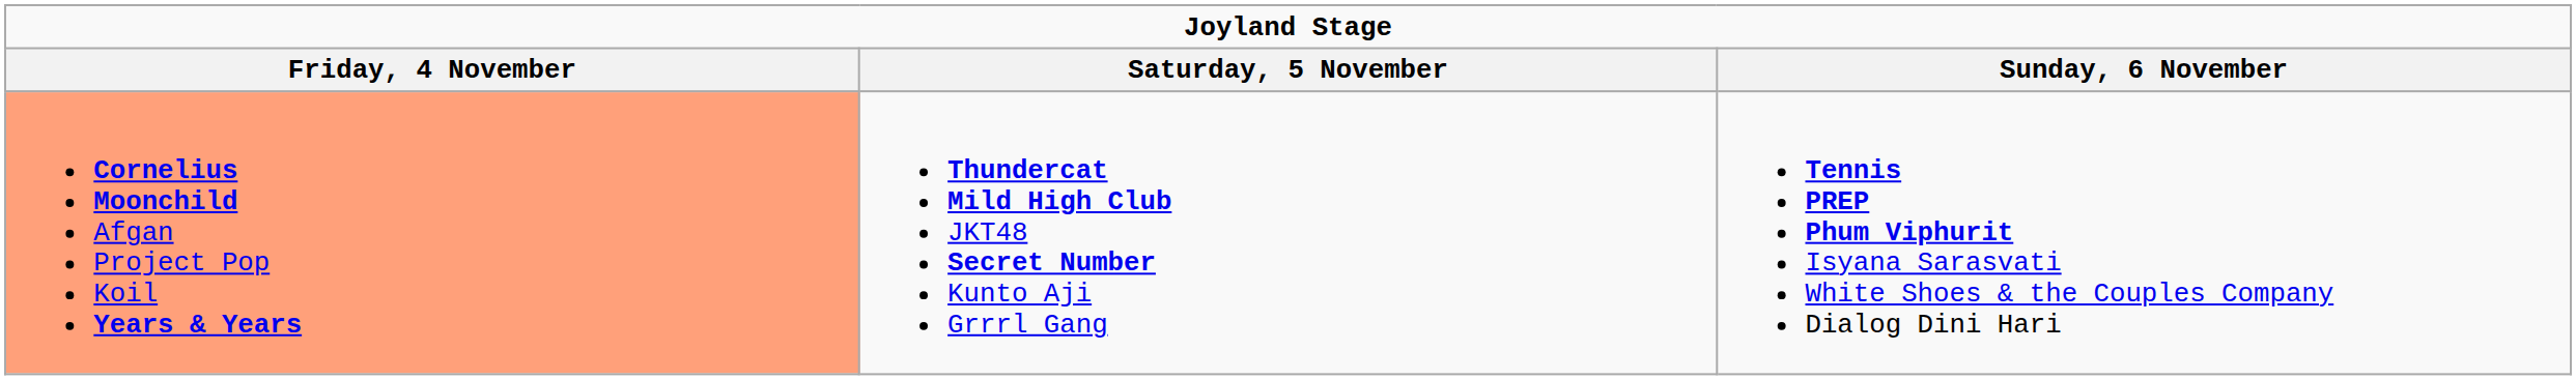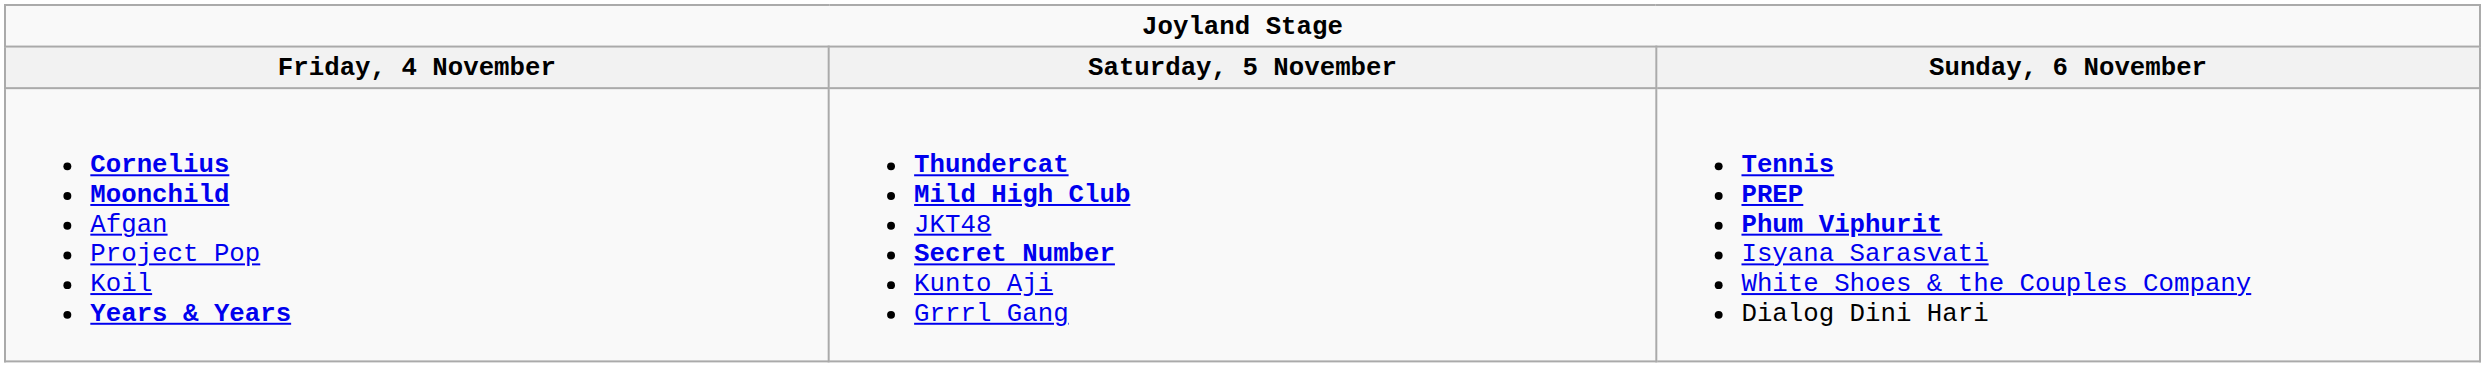 <table class="wikitable">
 <tr>
 <td colspan="4" align="center"><strong>Joyland Stage</strong></td>
 </tr>
 <tr>
 <th width="500">Friday, 4 November</th>
 <th width="500">Saturday, 5 November</th>
 <th width="500">Sunday, 6 November</th>
 </tr>
 <tr valign="top">
-<td style="background: lightsalmon;"><br><ul><li><strong><a href='#'>Cornelius</a></strong></li><li><strong><a href='#'>Moonchild</a></strong></li><li><a href='#'>Afgan</a></li><li><a href='#'>Project Pop</a></li><li><a href='#'>Koil</a></li><li><strong><a href='#'>Years & Years</a></strong></li></ul></td>
+<td><br><ul><li><strong><a href='#'>Cornelius</a></strong></li><li><strong><a href='#'>Moonchild</a></strong></li><li><a href='#'>Afgan</a></li><li><a href='#'>Project Pop</a></li><li><a href='#'>Koil</a></li><li><strong><a href='#'>Years & Years</a></strong></li></ul></td>
 <td><br><ul><li><strong><a href='#'>Thundercat</a></strong></li><li><strong><a href='#'>Mild High Club</a></strong></li><li><a href='#'>JKT48</a></li><li><strong><a href='#'>Secret Number</a></strong></li><li><a href='#'>Kunto Aji</a></li><li><a href='#'>Grrrl Gang</a></li></ul></td>
 <td><br><ul><li><strong><a href='#'>Tennis</a></strong></li><li><strong><a href='#'>PREP</a></strong></li><li><strong><a href='#'>Phum Viphurit</a></strong></li><li><a href='#'>Isyana Sarasvati</a></li><li><a href='#'>White Shoes & the Couples Company</a></li><li>Dialog Dini Hari</li></ul></td>
 </tr>
 </table>
